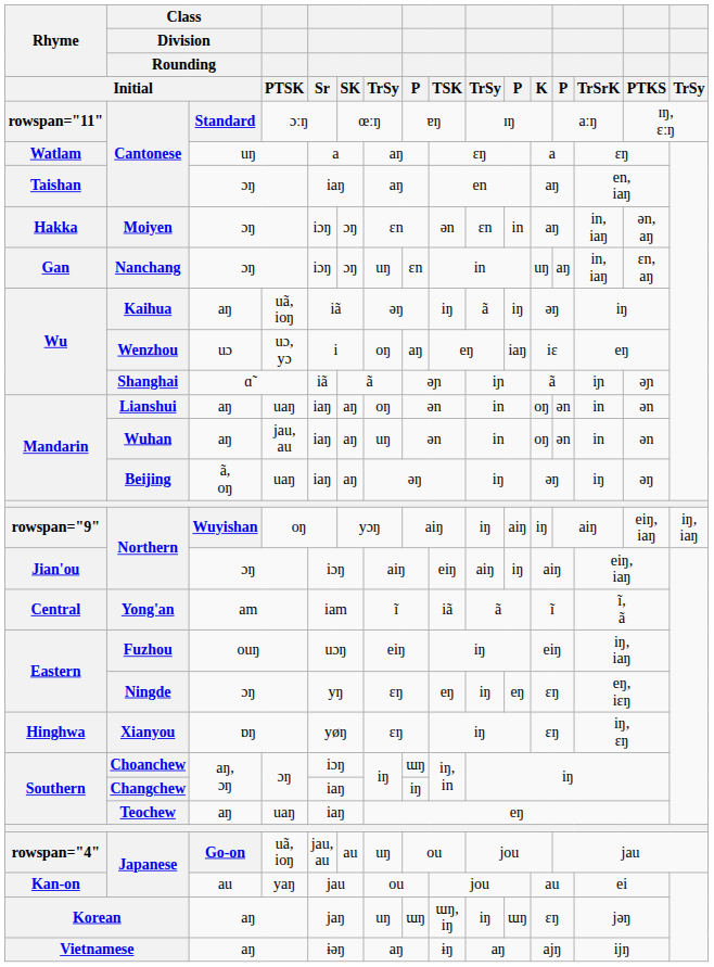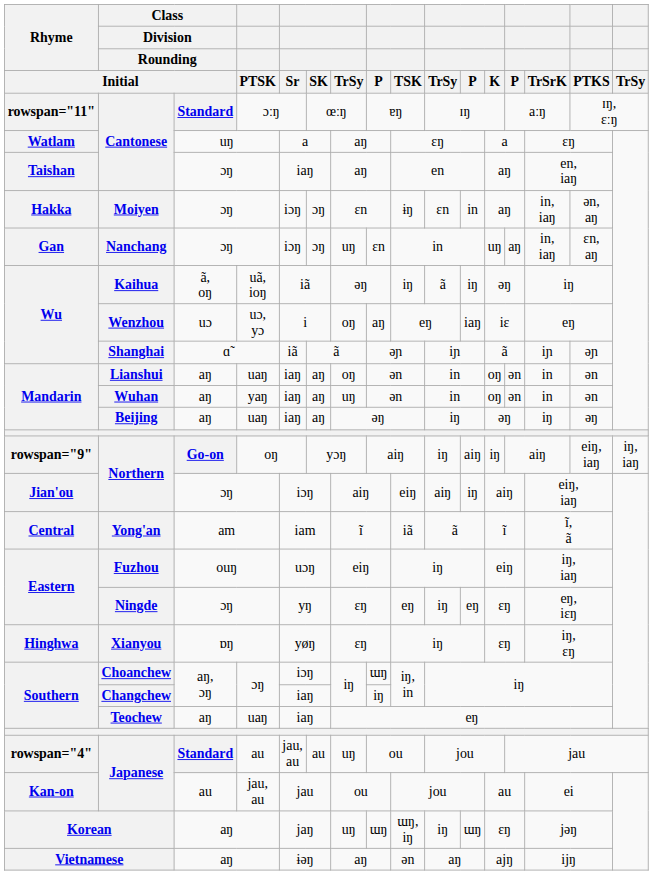 <table class="wikitable" style="text-align: center;">
 <tr>
 <th rowspan="3">Rhyme</th>
 <th colspan="2">Class</th>
 <th></th>
 <th colspan="3"></th>
 <th colspan="2"></th>
 <th colspan="3"></th>
 <th colspan="2"></th>
 <th></th>
 <th></th>
 </tr>
 <tr>
 <th colspan="2">Division</th>
 <th></th>
 <th colspan="3"></th>
 <th colspan="2"></th>
 <th colspan="3"></th>
 <th colspan="2"></th>
 <th></th>
 <th></th>
 </tr>
 <tr>
 <th colspan="2">Rounding</th>
 <th></th>
 <th colspan="3"></th>
 <th colspan="2"></th>
 <th colspan="3"></th>
 <th colspan="2"></th>
 <th></th>
 <th></th>
 </tr>
 <tr>
 <th colspan="3">Initial</th>
 <th>PTSK</th>
 <th>Sr</th>
 <th>SK</th>
 <th>TrSy</th>
 <th>P</th>
 <th>TSK</th>
 <th>TrSy</th>
 <th>P</th>
 <th>K</th>
 <th>P</th>
 <th>TrSrK</th>
 <th>PTKS</th>
 <th>TrSy</th>
 </tr>
 <tr>
 <th>rowspan="11" </th>
 <th rowspan="3"><a href='#'>Cantonese</a></th>
 <th><a href='#'>Standard</a></th>
 <td colspan="2">ɔːŋ</td>
 <td colspan="2">œːŋ</td>
 <td colspan="2">ɐŋ</td>
 <td colspan="3">ɪŋ</td>
 <td colspan="2">aːŋ</td>
 <td colspan="2">ɪŋ,<br>ɛːŋ</td>
 </tr>
 <tr>
 <th><a href='#'>Watlam</a></th>
 <td colspan="2">uŋ</td>
 <td colspan="2">a</td>
 <td colspan="2">aŋ</td>
 <td colspan="3">ɛŋ</td>
 <td colspan="2">a</td>
 <td colspan="2">ɛŋ</td>
 </tr>
 <tr>
 <th><a href='#'>Taishan</a></th>
 <td colspan="2">ɔŋ</td>
 <td colspan="2">iaŋ</td>
 <td colspan="2">aŋ</td>
 <td colspan="3">en</td>
 <td colspan="2">aŋ</td>
 <td colspan="2">en,<br>iaŋ</td>
 </tr>
 <tr>
 <th><a href='#'>Hakka</a></th>
 <th><a href='#'>Moiyen</a></th>
 <td colspan="2">ɔŋ</td>
 <td>iɔŋ</td>
 <td>ɔŋ</td>
 <td colspan="2">ɛn</td>
-<td>ən</td>
+<td>ɨŋ</td>
 <td>ɛn</td>
 <td>in</td>
 <td colspan="2">aŋ</td>
 <td>in,<br>iaŋ</td>
 <td>ən,<br>aŋ</td>
 </tr>
 <tr>
 <th><a href='#'>Gan</a></th>
 <th><a href='#'>Nanchang</a></th>
 <td colspan="2">ɔŋ</td>
 <td>iɔŋ</td>
 <td>ɔŋ</td>
 <td>uŋ</td>
 <td>ɛn</td>
 <td colspan="3">in</td>
 <td>uŋ</td>
 <td>aŋ</td>
 <td>in,<br>iaŋ</td>
 <td>ɛn,<br>aŋ</td>
 </tr>
 <tr>
 <th rowspan="3"><a href='#'>Wu</a></th>
 <th><a href='#'>Kaihua</a></th>
-<td>aŋ</td>
+<td>ã,<br>oŋ</td>
 <td>uã,<br>ioŋ</td>
 <td colspan="2">iã</td>
 <td colspan="2">əŋ</td>
 <td>iŋ</td>
 <td>ã</td>
 <td>iŋ</td>
 <td colspan="2">əŋ</td>
 <td colspan="2">iŋ</td>
 </tr>
 <tr>
 <th><a href='#'>Wenzhou</a></th>
 <td>uɔ</td>
 <td>uɔ,<br>yɔ</td>
 <td colspan="2">i</td>
 <td>oŋ</td>
 <td>aŋ</td>
 <td colspan="2">eŋ</td>
 <td>iaŋ</td>
 <td colspan="2">iɛ</td>
 <td colspan="2">eŋ</td>
 </tr>
 <tr>
 <th><a href='#'>Shanghai</a></th>
 <td colspan="2">ɑ̃</td>
 <td>iã</td>
 <td colspan="2">ã</td>
 <td colspan="2">əɲ</td>
 <td colspan="2">iɲ</td>
 <td colspan="2">ã</td>
 <td>iɲ</td>
 <td>əɲ</td>
 </tr>
 <tr>
 <th rowspan="3"><a href='#'>Mandarin</a></th>
 <th><a href='#'>Lianshui</a></th>
 <td>aŋ</td>
 <td>uaŋ</td>
 <td>iaŋ</td>
 <td>aŋ</td>
 <td>oŋ</td>
 <td colspan="2">ən</td>
 <td colspan="2">in</td>
 <td>oŋ</td>
 <td>ən</td>
 <td>in</td>
 <td>ən</td>
 </tr>
 <tr>
 <th><a href='#'>Wuhan</a></th>
 <td>aŋ</td>
-<td>jau,<br>au</td>
+<td>yaŋ</td>
 <td>iaŋ</td>
 <td>aŋ</td>
 <td>uŋ</td>
 <td colspan="2">ən</td>
 <td colspan="2">in</td>
 <td>oŋ</td>
 <td>ən</td>
 <td>in</td>
 <td>ən</td>
 </tr>
 <tr>
 <th><a href='#'>Beijing</a></th>
-<td>ã,<br>oŋ</td>
+<td>aŋ</td>
 <td>uaŋ</td>
 <td>iaŋ</td>
 <td>aŋ</td>
 <td colspan="3">əŋ</td>
 <td colspan="2">iŋ</td>
 <td colspan="2">əŋ</td>
 <td>iŋ</td>
 <td>əŋ</td>
 </tr>
 <tr>
 <th colspan="16"></th>
 </tr>
 <tr>
 <th>rowspan="9" </th>
 <th rowspan="2"><a href='#'>Northern</a></th>
-<th><a href='#'>Wuyishan</a></th>
+<th><a href='#'>Go-on</a></th>
 <td colspan="2">oŋ</td>
 <td colspan="2">yɔŋ</td>
 <td colspan="2">aiŋ</td>
 <td>iŋ</td>
 <td>aiŋ</td>
 <td>iŋ</td>
 <td colspan="2">aiŋ</td>
 <td>eiŋ,<br>iaŋ</td>
 <td>iŋ,<br>iaŋ</td>
 </tr>
 <tr>
 <th><a href='#'>Jian'ou</a></th>
 <td colspan="2">ɔŋ</td>
 <td colspan="2">iɔŋ</td>
 <td colspan="2">aiŋ</td>
 <td>eiŋ</td>
 <td>aiŋ</td>
 <td>iŋ</td>
 <td colspan="2">aiŋ</td>
 <td colspan="2">eiŋ,<br>iaŋ</td>
 </tr>
 <tr>
 <th><a href='#'>Central</a></th>
 <th><a href='#'>Yong'an</a></th>
 <td colspan="2">am</td>
 <td colspan="2">iam</td>
 <td colspan="2">ĩ</td>
 <td>iã</td>
 <td colspan="2">ã</td>
 <td colspan="2">ĩ</td>
 <td colspan="2">ĩ,<br>ã</td>
 </tr>
 <tr>
 <th rowspan="2"><a href='#'>Eastern</a></th>
 <th><a href='#'>Fuzhou</a></th>
 <td colspan="2">ouŋ</td>
 <td colspan="2">uɔŋ</td>
 <td colspan="2">eiŋ</td>
 <td colspan="3">iŋ</td>
 <td colspan="2">eiŋ</td>
 <td colspan="2">iŋ,<br>iaŋ</td>
 </tr>
 <tr>
 <th><a href='#'>Ningde</a></th>
 <td colspan="2">ɔŋ</td>
 <td colspan="2">yŋ</td>
 <td colspan="2">ɛŋ</td>
 <td>eŋ</td>
 <td>iŋ</td>
 <td>eŋ</td>
 <td colspan="2">ɛŋ</td>
 <td colspan="2">eŋ,<br>iɛŋ</td>
 </tr>
 <tr>
 <th><a href='#'>Hinghwa</a></th>
 <th><a href='#'>Xianyou</a></th>
 <td colspan="2">ɒŋ</td>
 <td colspan="2">yøŋ</td>
 <td colspan="2">ɛŋ</td>
 <td colspan="3">iŋ</td>
 <td colspan="2">ɛŋ</td>
 <td colspan="2">iŋ,<br>ɛŋ</td>
 </tr>
 <tr>
 <th rowspan="3"><a href='#'>Southern</a></th>
 <th><a href='#'>Choanchew</a></th>
 <td rowspan="2">aŋ,<br>ɔŋ</td>
 <td rowspan="2">ɔŋ</td>
 <td colspan="2">iɔŋ</td>
 <td rowspan="2">iŋ</td>
 <td>ɯŋ</td>
 <td rowspan="2">iŋ,<br>in</td>
 <td colspan="6" rowspan="2">iŋ</td>
 </tr>
 <tr>
 <th><a href='#'>Changchew</a></th>
 <td colspan="2">iaŋ</td>
 <td>iŋ</td>
 </tr>
 <tr>
 <th><a href='#'>Teochew</a></th>
 <td>aŋ</td>
 <td>uaŋ</td>
 <td colspan="2">iaŋ</td>
 <td colspan="9">eŋ</td>
 </tr>
 <tr>
 <th colspan="16"></th>
 </tr>
 <tr>
 <th>rowspan="4" </th>
 <th rowspan="2"><a href='#'>Japanese</a></th>
-<th><a href='#'>Go-on</a></th>
-<td>uã,<br>ioŋ</td>
+<th><a href='#'>Standard</a></th>
+<td>au</td>
 <td>jau,<br>au</td>
 <td>au</td>
 <td>uŋ</td>
 <td colspan="2">ou</td>
 <td colspan="3">jou</td>
 <td colspan="4">jau</td>
 </tr>
 <tr>
 <th><a href='#'>Kan-on</a></th>
 <td>au</td>
-<td>yaŋ</td>
+<td>jau,<br>au</td>
 <td colspan="2">jau</td>
 <td colspan="2">ou</td>
 <td colspan="3">jou</td>
 <td colspan="2">au</td>
 <td colspan="2">ei</td>
 </tr>
 <tr>
 <th colspan="2"><a href='#'>Korean</a></th>
 <td colspan="2">aŋ</td>
 <td colspan="2">jaŋ</td>
 <td>uŋ</td>
 <td>ɯŋ</td>
 <td>ɯŋ,<br>iŋ</td>
 <td>iŋ</td>
 <td>ɯŋ</td>
 <td colspan="2">ɛŋ</td>
 <td colspan="2">jəŋ</td>
 </tr>
 <tr>
 <th colspan="2"><a href='#'>Vietnamese</a></th>
 <td colspan="2">aŋ</td>
 <td colspan="2">ɨəŋ</td>
 <td colspan="2">aŋ</td>
-<td>ɨŋ</td>
+<td>ən</td>
 <td colspan="2">aŋ</td>
 <td colspan="2">ajŋ</td>
 <td colspan="2">ijŋ</td>
 </tr>
 </table>
